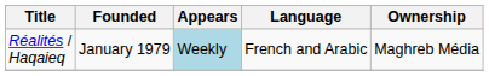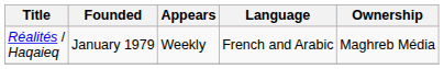 <table class="wikitable center">
 <tr align="center" bgcolor="#ffbbbb">
 <th>Title</th>
 <th>Founded</th>
 <th>Appears</th>
 <th>Language</th>
 <th>Ownership</th>
 </tr>
 <tr>
 <td><em><a href='#'>Réalités</a></em> /<br><em>Haqaieq</em></td>
 <td>January 1979</td>
-<td style="background: lightblue;">Weekly</td>
+<td>Weekly</td>
 <td>French and Arabic</td>
 <td>Maghreb Média</td>
 </tr>
 <tr>
 </tr>
 </table>
